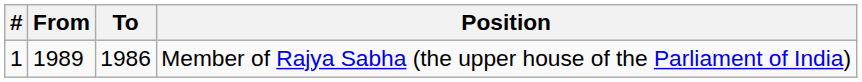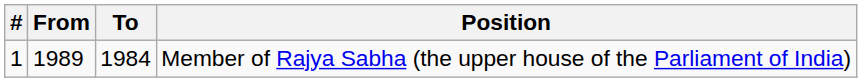 <table class="wikitable">
 <tr>
 <th>#</th>
 <th>From</th>
 <th>To</th>
 <th>Position</th>
 </tr>
 <tr>
 <td>1</td>
 <td>1989</td>
-<td>1986</td>
+<td>1984</td>
 <td>Member of <a href='#'>Rajya Sabha</a> (the upper house of the <a href='#'>Parliament of India</a>)</td>
 </tr>
 </table>
